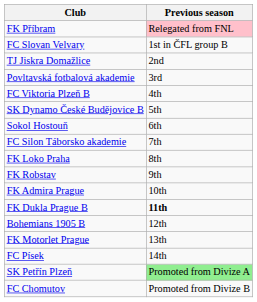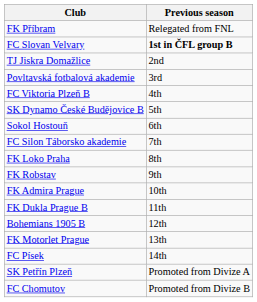 <table class="wikitable">
 <tr>
 <th>Club</th>
 <th>Previous season</th>
 </tr>
 <tr>
 <td><a href='#'>FK Příbram</a></td>
-<td style="background: pink;">Relegated from FNL</td>
+<td>Relegated from FNL</td>
 </tr>
 <tr>
 <td><a href='#'>FC Slovan Velvary</a></td>
-<td>1st in ČFL group B</td>
+<td><strong>1st in ČFL group B</strong></td>
 </tr>
 <tr>
 <td><a href='#'>TJ Jiskra Domažlice</a></td>
 <td>2nd</td>
 </tr>
 <tr>
 <td><a href='#'>Povltavská fotbalová akademie</a></td>
 <td>3rd</td>
 </tr>
 <tr>
 <td><a href='#'>FC Viktoria Plzeň B</a></td>
 <td>4th</td>
 </tr>
 <tr>
 <td><a href='#'>SK Dynamo České Budějovice B</a></td>
 <td>5th</td>
 </tr>
 <tr>
 <td><a href='#'>Sokol Hostouň</a></td>
 <td>6th</td>
 </tr>
 <tr>
 <td><a href='#'>FC Silon Táborsko akademie</a></td>
 <td>7th</td>
 </tr>
 <tr>
 <td><a href='#'>FK Loko Praha</a></td>
 <td>8th</td>
 </tr>
 <tr>
 <td><a href='#'>FK Robstav</a></td>
 <td>9th</td>
 </tr>
 <tr>
 <td><a href='#'>FK Admira Prague</a></td>
 <td>10th</td>
 </tr>
 <tr>
 <td><a href='#'>FK Dukla Prague B</a></td>
-<td><strong>11th</strong></td>
+<td>11th</td>
 </tr>
 <tr>
 <td><a href='#'>Bohemians 1905 B</a></td>
 <td>12th</td>
 </tr>
 <tr>
 <td><a href='#'>FK Motorlet Prague</a></td>
 <td>13th</td>
 </tr>
 <tr>
 <td><a href='#'>FC Písek</a></td>
 <td>14th</td>
 </tr>
 <tr>
 <td><a href='#'>SK Petřín Plzeň</a></td>
-<td style="background: lightgreen;">Promoted from Divize A</td>
+<td>Promoted from Divize A</td>
 </tr>
 <tr>
 <td><a href='#'>FC Chomutov</a></td>
 <td>Promoted from Divize B</td>
 </tr>
 </table>
